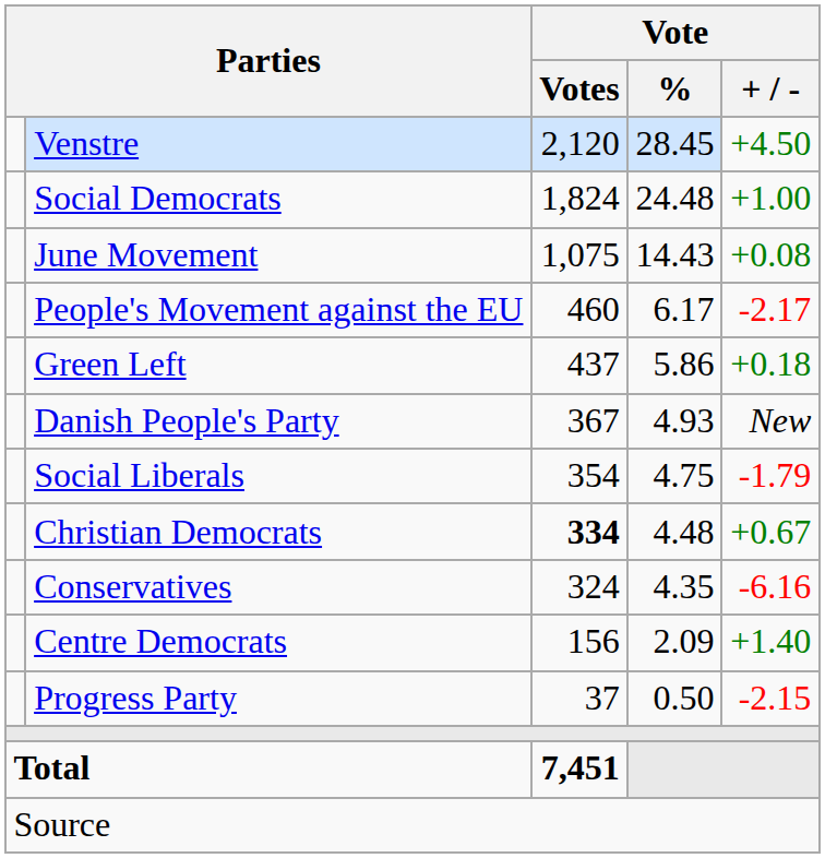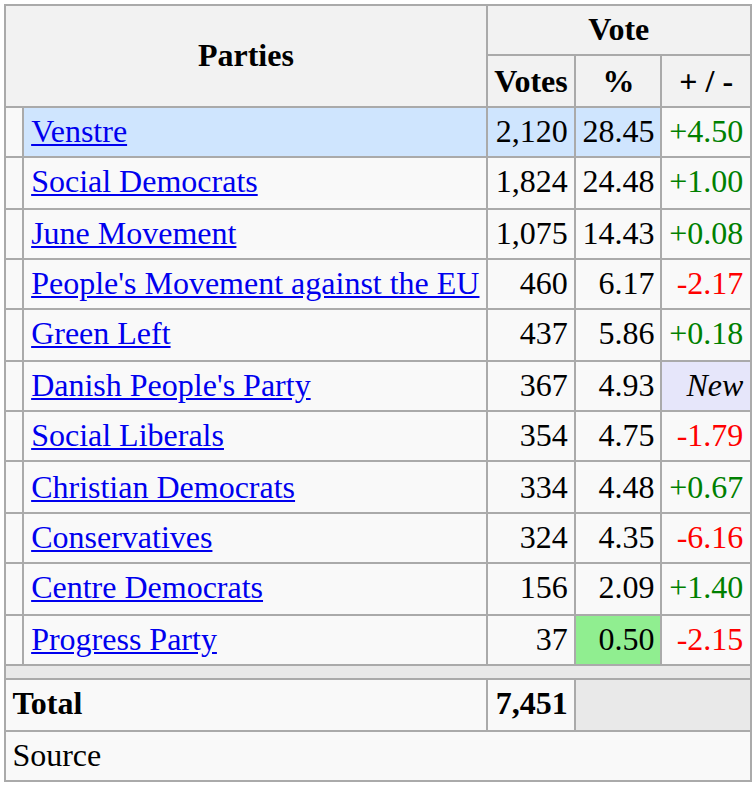 <table class="wikitable" style="text-align:right;">
 <tr>
 <th style="text-align:centre;" rowspan="2" colspan="2" width="225">Parties</th>
 <th colspan="3">Vote</th>
 </tr>
 <tr>
 <th width="15">Votes</th>
 <th width="15">%</th>
 <th width="15">+ / -</th>
 </tr>
 <tr>
 <td width="2" style="color:inherit;background:"></td>
 <td bgcolor=#cfe5fe   align="left"><a href='#'>Venstre</a></td>
 <td bgcolor=#cfe5fe>2,120</td>
 <td bgcolor=#cfe5fe>28.45</td>
 <td style=color:green;>+4.50</td>
 </tr>
 <tr>
 <td width="2" style="color:inherit;background:"></td>
 <td align="left"><a href='#'>Social Democrats</a></td>
 <td>1,824</td>
 <td>24.48</td>
 <td style=color:green;>+1.00</td>
 </tr>
 <tr>
 <td width="2" style="color:inherit;background:"></td>
 <td align="left"><a href='#'>June Movement</a></td>
 <td>1,075</td>
 <td>14.43</td>
 <td style=color:green;>+0.08</td>
 </tr>
 <tr>
 <td width="2" style="color:inherit;background:"></td>
 <td align="left"><a href='#'>People's Movement against the EU</a></td>
 <td>460</td>
 <td>6.17</td>
 <td style=color:red;>-2.17</td>
 </tr>
 <tr>
 <td width="2" style="color:inherit;background:"></td>
 <td align="left"><a href='#'>Green Left</a></td>
 <td>437</td>
 <td>5.86</td>
 <td style=color:green;>+0.18</td>
 </tr>
 <tr>
 <td width="2" style="color:inherit;background:"></td>
 <td align="left"><a href='#'>Danish People's Party</a></td>
 <td>367</td>
 <td>4.93</td>
-<td><em>New</em></td>
+<td style="background: lavender;"><em>New</em></td>
 </tr>
 <tr>
 <td width="2" style="color:inherit;background:"></td>
 <td align="left"><a href='#'>Social Liberals</a></td>
 <td>354</td>
 <td>4.75</td>
 <td style=color:red;>-1.79</td>
 </tr>
 <tr>
 <td width="2" style="color:inherit;background:"></td>
 <td align="left"><a href='#'>Christian Democrats</a></td>
-<td><strong>334</strong></td>
+<td>334</td>
 <td>4.48</td>
 <td style=color:green;>+0.67</td>
 </tr>
 <tr>
 <td width="2" style="color:inherit;background:"></td>
 <td align="left"><a href='#'>Conservatives</a></td>
 <td>324</td>
 <td>4.35</td>
 <td style=color:red;>-6.16</td>
 </tr>
 <tr>
 <td width="2" style="color:inherit;background:"></td>
 <td align="left"><a href='#'>Centre Democrats</a></td>
 <td>156</td>
 <td>2.09</td>
 <td style=color:green;>+1.40</td>
 </tr>
 <tr>
 <td width="2" style="color:inherit;background:"></td>
 <td align="left"><a href='#'>Progress Party</a></td>
 <td>37</td>
-<td>0.50</td>
+<td style="background: lightgreen;">0.50</td>
 <td style=color:red;>-2.15</td>
 </tr>
 <tr>
 <td colspan="7" bgcolor="#E9E9E9"></td>
 </tr>
 <tr>
 <td align="left" colspan="2"><strong>Total</strong></td>
 <td><strong>7,451</strong></td>
 <td bgcolor="#E9E9E9" colspan="2"></td>
 </tr>
 <tr>
 <td align="left" colspan="6">Source</td>
 </tr>
 </table>
